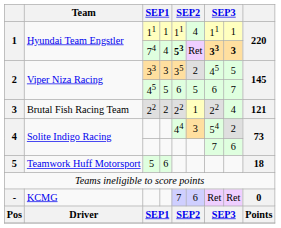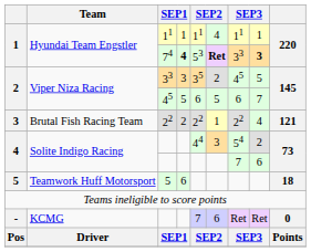 <table align=left| class="wikitable" style="font-size: 90%; text-align: center;">
 <tr valign="top">
 <th valign="middle"></th>
 <th valign="middle">Team</th>
 <th colspan="2"><a href='#'>SEP1</a></th>
 <th colspan="2"><a href='#'>SEP2</a></th>
 <th colspan="2"><a href='#'>SEP3</a></th>
 <th valign="middle"></th>
 </tr>
 <tr>
 <th rowspan="2">1</th>
 <td rowspan="2" align=left> <a href='#'>Hyundai Team Engstler</a></td>
 <td style="background:#ffffbf;">1<sup>1</sup></td>
 <td style="background:#ffffbf;">1</td>
 <td style="background:#ffffbf;">1<sup>1</sup></td>
 <td style="background:#dfffdf;">4</td>
 <td style="background:#ffffbf;">1<sup>1</sup></td>
 <td style="background:#ffffbf;">1</td>
 <th rowspan="2">220</th>
 </tr>
 <tr>
 <td style="background:#dfffdf;">7<sup>4</sup></td>
-<td style="background:#dfffdf;">4</td>
-<td style="background:#dfffdf;"><strong>5<sup>3</sup></strong></td>
-<td style="background:#efcfff;">Ret</td>
-<td style="background:#ffdf9f;"><strong>3<sup>3</sup></strong></td>
+<td style="background:#dfffdf;"><strong>4</strong></td>
+<td style="background:#dfffdf;">5<sup>3</sup></td>
+<td style="background:#efcfff;"><strong>Ret</strong></td>
+<td style="background:#ffdf9f;">3<sup>3</sup></td>
 <td style="background:#ffdf9f;"><strong>3</strong></td>
 </tr>
 <tr>
 <th rowspan="2">2</th>
 <td rowspan="2" align=left> <a href='#'>Viper Niza Racing</a></td>
 <td style="background:#ffdf9f;">3<sup>3</sup></td>
 <td style="background:#ffdf9f;">3</td>
 <td style="background:#ffdf9f;">3<sup>5</sup></td>
 <td style="background:#dfdfdf;">2</td>
 <td style="background:#dfffdf;">4<sup>5</sup></td>
 <td style="background:#dfffdf;">5</td>
 <th rowspan="2">145</th>
 </tr>
 <tr>
 <td style="background:#dfffdf;">4<sup>5</sup></td>
 <td style="background:#dfffdf;">5</td>
 <td style="background:#dfffdf;">6</td>
 <td style="background:#dfffdf;">5</td>
 <td style="background:#dfffdf;">6</td>
 <td style="background:#dfffdf;">7</td>
 </tr>
 <tr>
 <th>3</th>
 <td align=left> Brutal Fish Racing Team</td>
 <td style="background:#dfdfdf;">2<sup>2</sup></td>
 <td style="background:#dfdfdf;">2</td>
 <td style="background:#dfdfdf;">2<sup>2</sup></td>
 <td style="background:#ffffbf;">1</td>
 <td style="background:#dfdfdf;">2<sup>2</sup></td>
 <td style="background:#dfffdf;">4</td>
 <th>121</th>
 </tr>
 <tr>
 <th rowspan="2">4</th>
 <td rowspan="2" align=left> <a href='#'>Solite Indigo Racing</a></td>
 <td></td>
 <td></td>
 <td style="background:#dfffdf;">4<sup>4</sup></td>
 <td style="background:#ffdf9f;">3</td>
 <td style="background:#dfffdf;">5<sup>4</sup></td>
 <td style="background:#dfdfdf;">2</td>
 <th rowspan="2">73</th>
 </tr>
 <tr>
 <td></td>
 <td></td>
 <td></td>
 <td></td>
 <td style="background:#dfffdf;">7</td>
 <td style="background:#dfffdf;">6</td>
 </tr>
 <tr>
 <th>5</th>
 <td align=left> <a href='#'>Teamwork Huff Motorsport</a></td>
 <td style="background:#dfffdf;">5</td>
 <td style="background:#dfffdf;">6</td>
 <td></td>
 <td></td>
 <td></td>
 <td></td>
 <th>18</th>
 </tr>
 <tr>
 <td colspan=9><em>Teams ineligible to score points</em></td>
 </tr>
 <tr>
 <th>-</th>
 <td align=left> <a href='#'>KCMG</a></td>
 <td></td>
 <td></td>
 <td style="background:#cfcfff;">7</td>
 <td style="background:#cfcfff;">6</td>
 <td style="background:#efcfff;">Ret</td>
 <td style="background:#efcfff;">Ret</td>
 <th>0</th>
 </tr>
 <tr>
 <th valign="middle">Pos</th>
 <th valign="middle">Driver</th>
 <th colspan="2"><a href='#'>SEP1</a></th>
 <th colspan="2"><a href='#'>SEP2</a></th>
 <th colspan="2"><a href='#'>SEP3</a></th>
 <th valign=middle>Points</th>
 </tr>
 <tr>
 </tr>
 </table>
